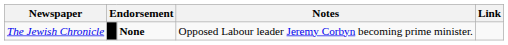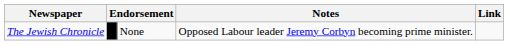 <table class="wikitable">
 <tr>
 <th>Newspaper</th>
 <th colspan=2>Endorsement</th>
 <th>Notes</th>
 <th>Link</th>
 </tr>
 <tr>
 <td><em><a href='#'>The Jewish Chronicle</a></em></td>
 <td style="background-color:black"></td>
-<td><strong>None</strong></td>
+<td>None</td>
 <td>Opposed Labour leader <a href='#'>Jeremy Corbyn</a> becoming prime minister.</td>
 <td></td>
 </tr>
 </table>
